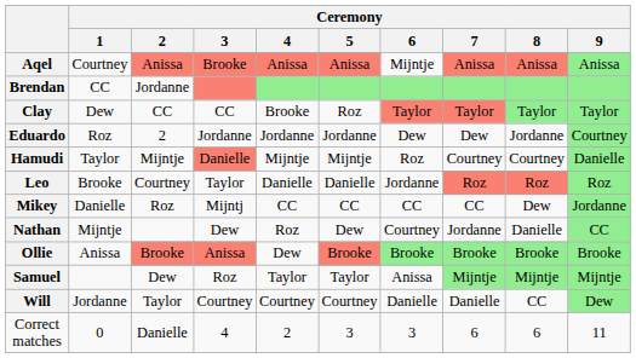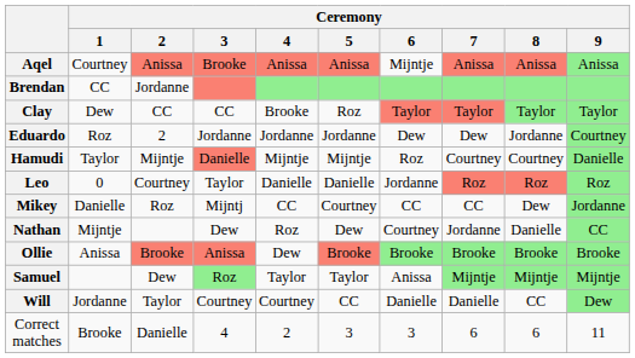 <table class="wikitable" style="text-align:center;">
 <tr>
 <th rowspan="2"></th>
 <th colspan="14" style="text-align:center;">Ceremony</th>
 </tr>
 <tr>
 <th>1</th>
 <th>2</th>
 <th>3</th>
 <th>4</th>
 <th>5</th>
 <th>6</th>
 <th>7</th>
 <th>8</th>
 <th>9</th>
 </tr>
 <tr>
 <th>Aqel</th>
 <td>Courtney</td>
 <td style="background:salmon">Anissa</td>
 <td style="background:salmon">Brooke</td>
 <td style="background:salmon">Anissa</td>
 <td style="background:salmon">Anissa</td>
 <td>Mijntje</td>
 <td style="background:salmon">Anissa</td>
 <td style="background:salmon">Anissa</td>
 <td style="background:lightgreen">Anissa</td>
 </tr>
 <tr>
 <th>Brendan</th>
 <td>CC</td>
 <td>Jordanne</td>
 <td style="background:salmon"></td>
 <td style="background:lightgreen"></td>
 <td style="background:lightgreen"></td>
 <td style="background:lightgreen"></td>
 <td style="background:lightgreen"></td>
 <td style="background:lightgreen"></td>
 <td style="background:lightgreen"></td>
 </tr>
 <tr>
 <th>Clay</th>
 <td>Dew</td>
 <td>CC</td>
 <td>CC</td>
 <td>Brooke</td>
 <td>Roz</td>
 <td style="background:salmon">Taylor</td>
 <td style="background:salmon">Taylor</td>
 <td style="background:lightgreen">Taylor</td>
 <td style="background:lightgreen">Taylor</td>
 </tr>
 <tr>
 <th>Eduardo</th>
 <td>Roz</td>
 <td>2</td>
 <td>Jordanne</td>
 <td>Jordanne</td>
 <td>Jordanne</td>
 <td>Dew</td>
 <td>Dew</td>
 <td>Jordanne</td>
 <td style="background:lightgreen">Courtney</td>
 </tr>
 <tr>
 <th>Hamudi</th>
 <td>Taylor</td>
 <td>Mijntje</td>
 <td style="background:salmon">Danielle</td>
 <td>Mijntje</td>
 <td>Mijntje</td>
 <td>Roz</td>
 <td>Courtney</td>
 <td>Courtney</td>
 <td style="background:lightgreen">Danielle</td>
 </tr>
 <tr>
 <th>Leo</th>
-<td>Brooke</td>
+<td>0</td>
 <td>Courtney</td>
 <td>Taylor</td>
 <td>Danielle</td>
 <td>Danielle</td>
 <td>Jordanne</td>
 <td style="background:salmon">Roz</td>
 <td style="background:salmon">Roz</td>
 <td style="background:lightgreen">Roz</td>
 </tr>
 <tr>
 <th>Mikey</th>
 <td>Danielle</td>
 <td>Roz</td>
 <td>Mijntj</td>
 <td>CC</td>
-<td>CC</td>
+<td>Courtney</td>
 <td>CC</td>
 <td>CC</td>
 <td>Dew</td>
 <td style="background:lightgreen">Jordanne</td>
 </tr>
 <tr>
 <th>Nathan</th>
 <td>Mijntje</td>
 <td></td>
 <td>Dew</td>
 <td>Roz</td>
 <td>Dew</td>
 <td>Courtney</td>
 <td>Jordanne</td>
 <td>Danielle</td>
 <td style="background:lightgreen">CC</td>
 </tr>
 <tr>
 <th>Ollie</th>
 <td>Anissa</td>
 <td style="background:salmon">Brooke</td>
 <td style="background:salmon">Anissa</td>
 <td>Dew</td>
 <td style="background:salmon">Brooke</td>
 <td style="background:lightgreen">Brooke</td>
 <td style="background:lightgreen">Brooke</td>
 <td style="background:lightgreen">Brooke</td>
 <td style="background:lightgreen">Brooke</td>
 </tr>
 <tr>
 <th>Samuel</th>
 <td></td>
 <td>Dew</td>
-<td>Roz</td>
+<td style="background: lightgreen;">Roz</td>
 <td>Taylor</td>
 <td>Taylor</td>
 <td>Anissa</td>
 <td style="background:lightgreen">Mijntje</td>
 <td style="background:lightgreen">Mijntje</td>
 <td style="background:lightgreen">Mijntje</td>
 </tr>
 <tr>
 <th>Will</th>
 <td>Jordanne</td>
 <td>Taylor</td>
 <td>Courtney</td>
 <td>Courtney</td>
-<td>Courtney</td>
+<td>CC</td>
 <td>Danielle</td>
 <td>Danielle</td>
 <td>CC</td>
 <td style="background:lightgreen">Dew</td>
 </tr>
 <tr>
 <td>Correct matches</td>
-<td>0</td>
+<td>Brooke</td>
 <td>Danielle</td>
 <td>4</td>
 <td>2</td>
 <td>3</td>
 <td>3</td>
 <td>6</td>
 <td>6</td>
 <td>11</td>
 </tr>
 </table>
